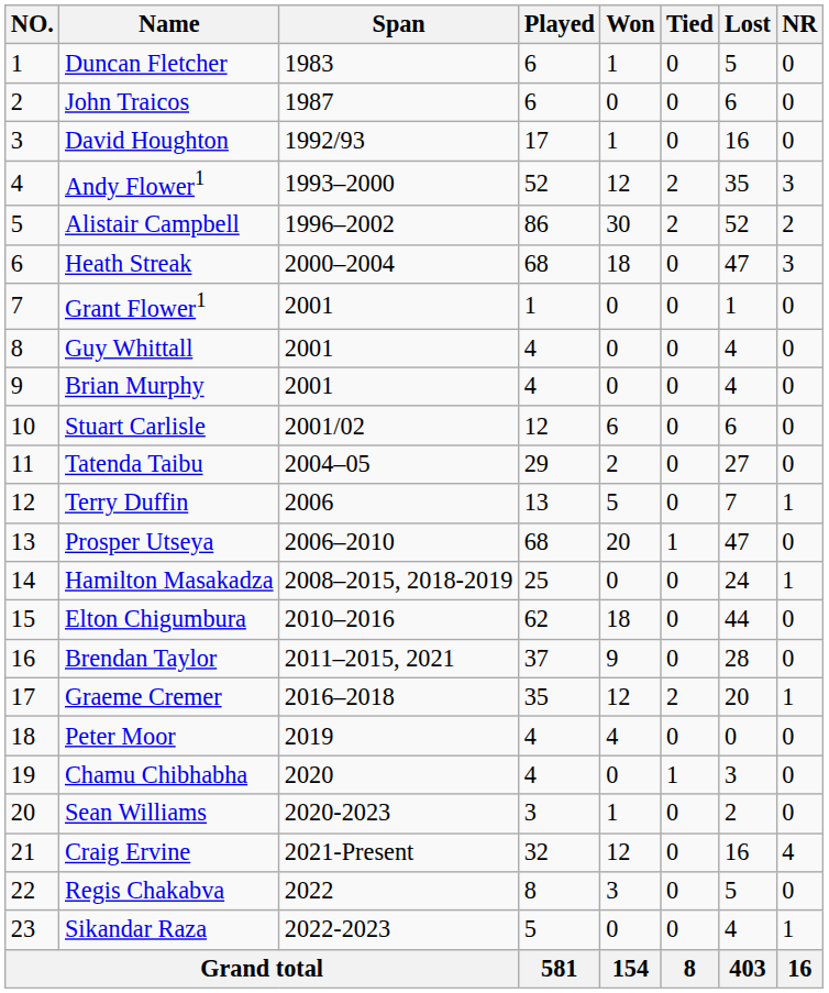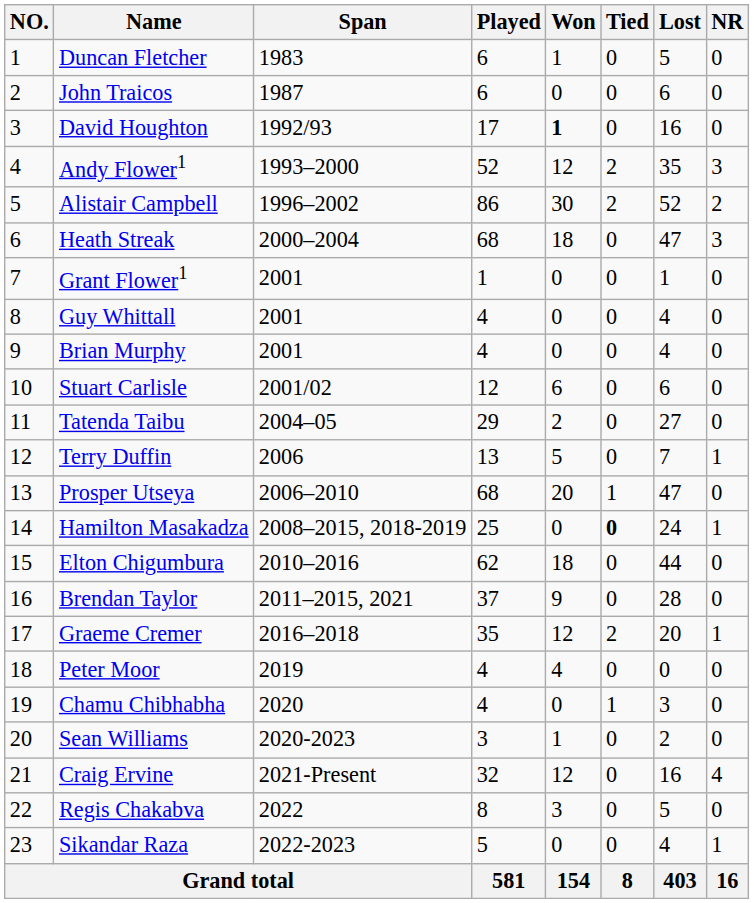 <table class="sortable wikitable">
 <tr style="background:#efefef;">
 <th>NO.</th>
 <th>Name</th>
 <th>Span</th>
 <th>Played</th>
 <th>Won</th>
 <th>Tied</th>
 <th>Lost</th>
 <th>NR</th>
 </tr>
 <tr>
 <td>1</td>
 <td><a href='#'>Duncan Fletcher</a></td>
 <td>1983</td>
 <td>6</td>
 <td>1</td>
 <td>0</td>
 <td>5</td>
 <td>0</td>
 </tr>
 <tr>
 <td>2</td>
 <td><a href='#'>John Traicos</a></td>
 <td>1987</td>
 <td>6</td>
 <td>0</td>
 <td>0</td>
 <td>6</td>
 <td>0</td>
 </tr>
 <tr>
 <td>3</td>
 <td><a href='#'>David Houghton</a></td>
 <td>1992/93</td>
 <td>17</td>
-<td>1</td>
+<td><strong>1</strong></td>
 <td>0</td>
 <td>16</td>
 <td>0</td>
 </tr>
 <tr>
 <td>4</td>
 <td><a href='#'>Andy Flower</a><sup>1</sup></td>
 <td>1993–2000</td>
 <td>52</td>
 <td>12</td>
 <td>2</td>
 <td>35</td>
 <td>3</td>
 </tr>
 <tr>
 <td>5</td>
 <td><a href='#'>Alistair Campbell</a></td>
 <td>1996–2002</td>
 <td>86</td>
 <td>30</td>
 <td>2</td>
 <td>52</td>
 <td>2</td>
 </tr>
 <tr>
 <td>6</td>
 <td><a href='#'>Heath Streak</a></td>
 <td>2000–2004</td>
 <td>68</td>
 <td>18</td>
 <td>0</td>
 <td>47</td>
 <td>3</td>
 </tr>
 <tr>
 <td>7</td>
 <td><a href='#'>Grant Flower</a><sup>1</sup></td>
 <td>2001</td>
 <td>1</td>
 <td>0</td>
 <td>0</td>
 <td>1</td>
 <td>0</td>
 </tr>
 <tr>
 <td>8</td>
 <td><a href='#'>Guy Whittall</a></td>
 <td>2001</td>
 <td>4</td>
 <td>0</td>
 <td>0</td>
 <td>4</td>
 <td>0</td>
 </tr>
 <tr>
 <td>9</td>
 <td><a href='#'>Brian Murphy</a></td>
 <td>2001</td>
 <td>4</td>
 <td>0</td>
 <td>0</td>
 <td>4</td>
 <td>0</td>
 </tr>
 <tr>
 <td>10</td>
 <td><a href='#'>Stuart Carlisle</a></td>
 <td>2001/02</td>
 <td>12</td>
 <td>6</td>
 <td>0</td>
 <td>6</td>
 <td>0</td>
 </tr>
 <tr>
 <td>11</td>
 <td><a href='#'>Tatenda Taibu</a></td>
 <td>2004–05</td>
 <td>29</td>
 <td>2</td>
 <td>0</td>
 <td>27</td>
 <td>0</td>
 </tr>
 <tr>
 <td>12</td>
 <td><a href='#'>Terry Duffin</a></td>
 <td>2006</td>
 <td>13</td>
 <td>5</td>
 <td>0</td>
 <td>7</td>
 <td>1</td>
 </tr>
 <tr>
 <td>13</td>
 <td><a href='#'>Prosper Utseya</a></td>
 <td>2006–2010</td>
 <td>68</td>
 <td>20</td>
 <td>1</td>
 <td>47</td>
 <td>0</td>
 </tr>
 <tr>
 <td>14</td>
 <td><a href='#'>Hamilton Masakadza</a></td>
 <td>2008–2015, 2018-2019</td>
 <td>25</td>
 <td>0</td>
-<td>0</td>
+<td><strong>0</strong></td>
 <td>24</td>
 <td>1</td>
 </tr>
 <tr>
 <td>15</td>
 <td><a href='#'>Elton Chigumbura</a></td>
 <td>2010–2016</td>
 <td>62</td>
 <td>18</td>
 <td>0</td>
 <td>44</td>
 <td>0</td>
 </tr>
 <tr>
 <td>16</td>
 <td><a href='#'>Brendan Taylor</a></td>
 <td>2011–2015, 2021</td>
 <td>37</td>
 <td>9</td>
 <td>0</td>
 <td>28</td>
 <td>0</td>
 </tr>
 <tr>
 <td>17</td>
 <td><a href='#'>Graeme Cremer</a></td>
 <td>2016–2018</td>
 <td>35</td>
 <td>12</td>
 <td>2</td>
 <td>20</td>
 <td>1</td>
 </tr>
 <tr>
 <td>18</td>
 <td><a href='#'>Peter Moor</a></td>
 <td>2019</td>
 <td>4</td>
 <td>4</td>
 <td>0</td>
 <td>0</td>
 <td>0</td>
 </tr>
 <tr>
 <td>19</td>
 <td><a href='#'>Chamu Chibhabha</a></td>
 <td>2020</td>
 <td>4</td>
 <td>0</td>
 <td>1</td>
 <td>3</td>
 <td>0</td>
 </tr>
 <tr>
 <td>20</td>
 <td><a href='#'>Sean Williams</a></td>
 <td>2020-2023</td>
 <td>3</td>
 <td>1</td>
 <td>0</td>
 <td>2</td>
 <td>0</td>
 </tr>
 <tr>
 <td>21</td>
 <td><a href='#'>Craig Ervine</a></td>
 <td>2021-Present</td>
 <td>32</td>
 <td>12</td>
 <td>0</td>
 <td>16</td>
 <td>4</td>
 </tr>
 <tr>
 <td>22</td>
 <td><a href='#'>Regis Chakabva</a></td>
 <td>2022</td>
 <td>8</td>
 <td>3</td>
 <td>0</td>
 <td>5</td>
 <td>0</td>
 </tr>
 <tr>
 <td>23</td>
 <td><a href='#'>Sikandar Raza</a></td>
 <td>2022-2023</td>
 <td>5</td>
 <td>0</td>
 <td>0</td>
 <td>4</td>
 <td>1</td>
 </tr>
 <tr>
 <th colspan="3"><strong>Grand total</strong></th>
 <th><strong>581</strong></th>
 <th><strong>154</strong></th>
 <th>8</th>
 <th><strong>403</strong></th>
 <th><strong>16</strong></th>
 </tr>
 </table>
